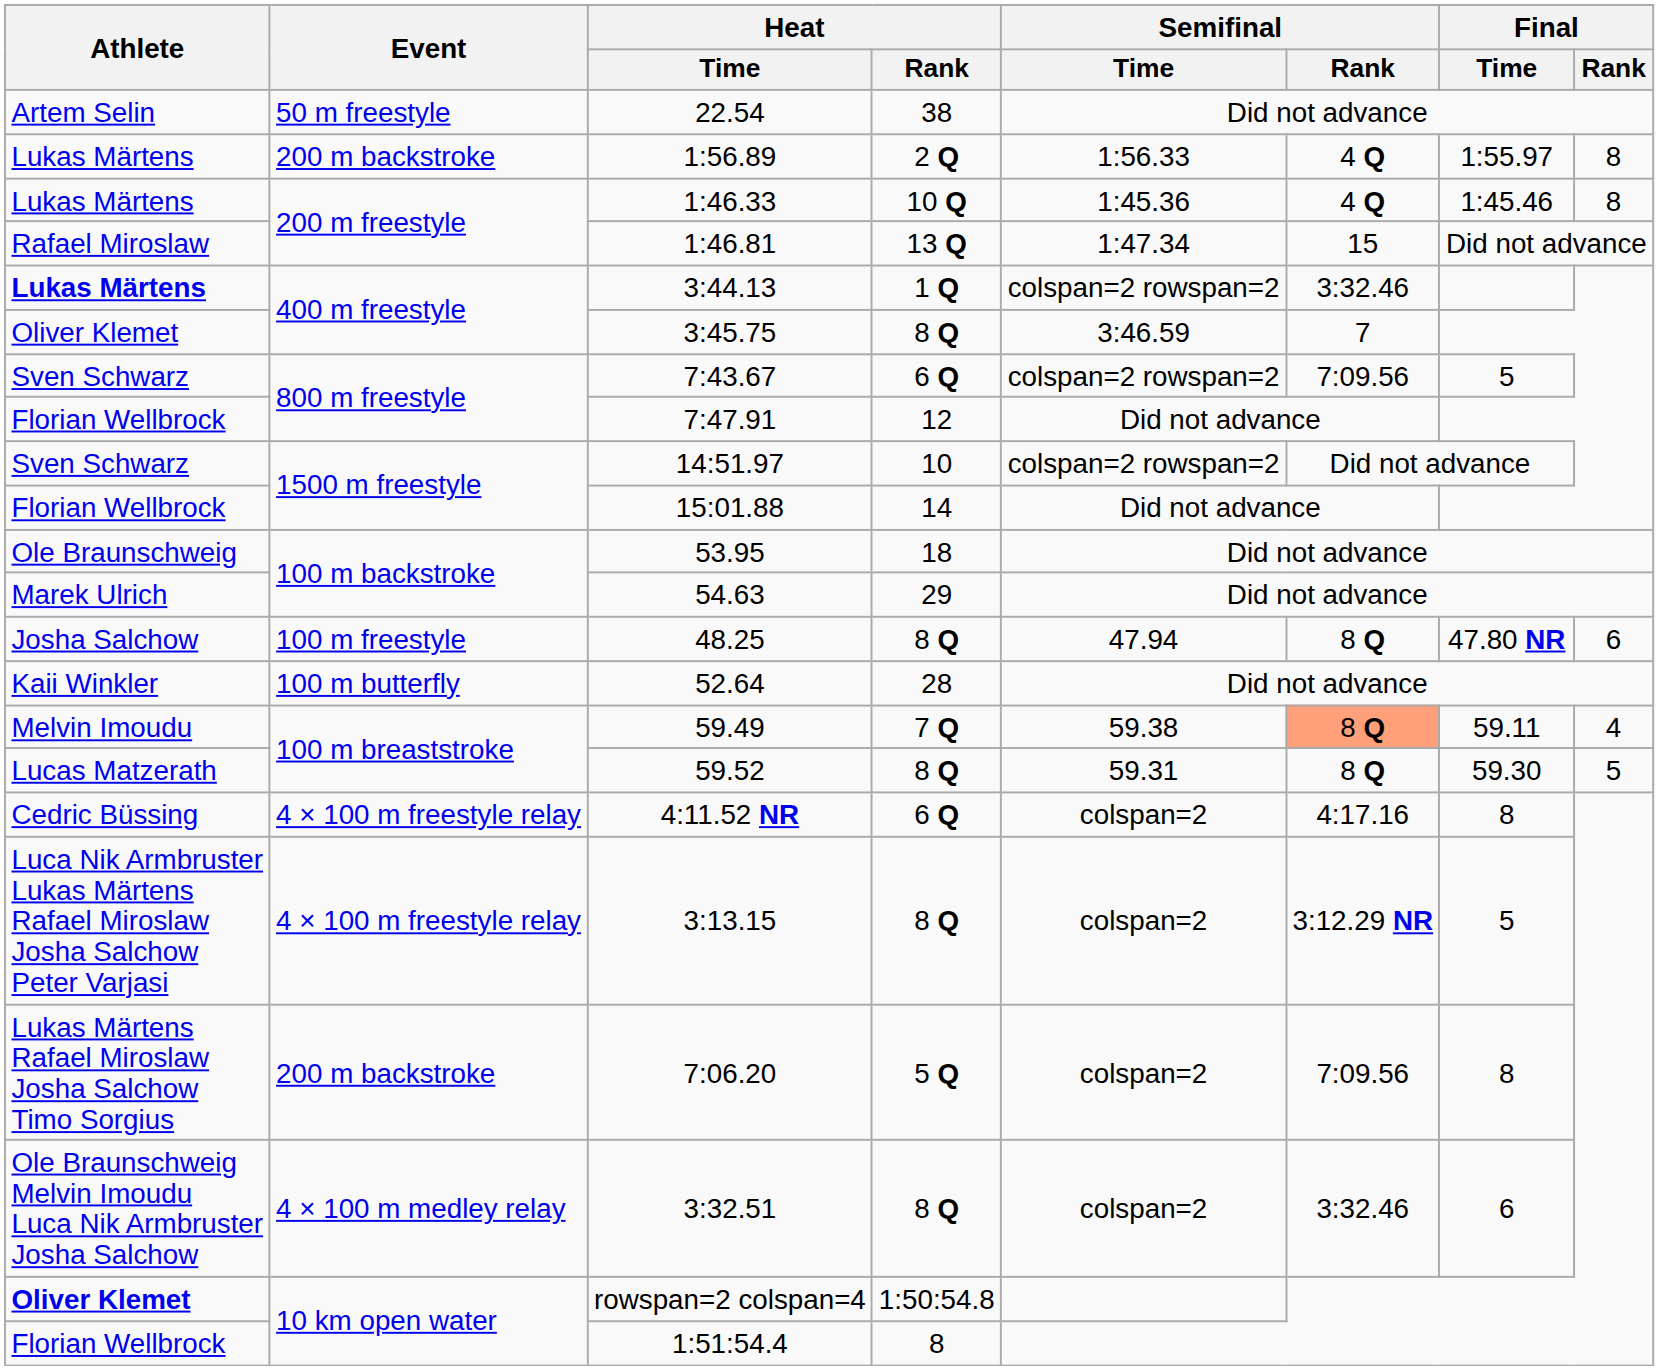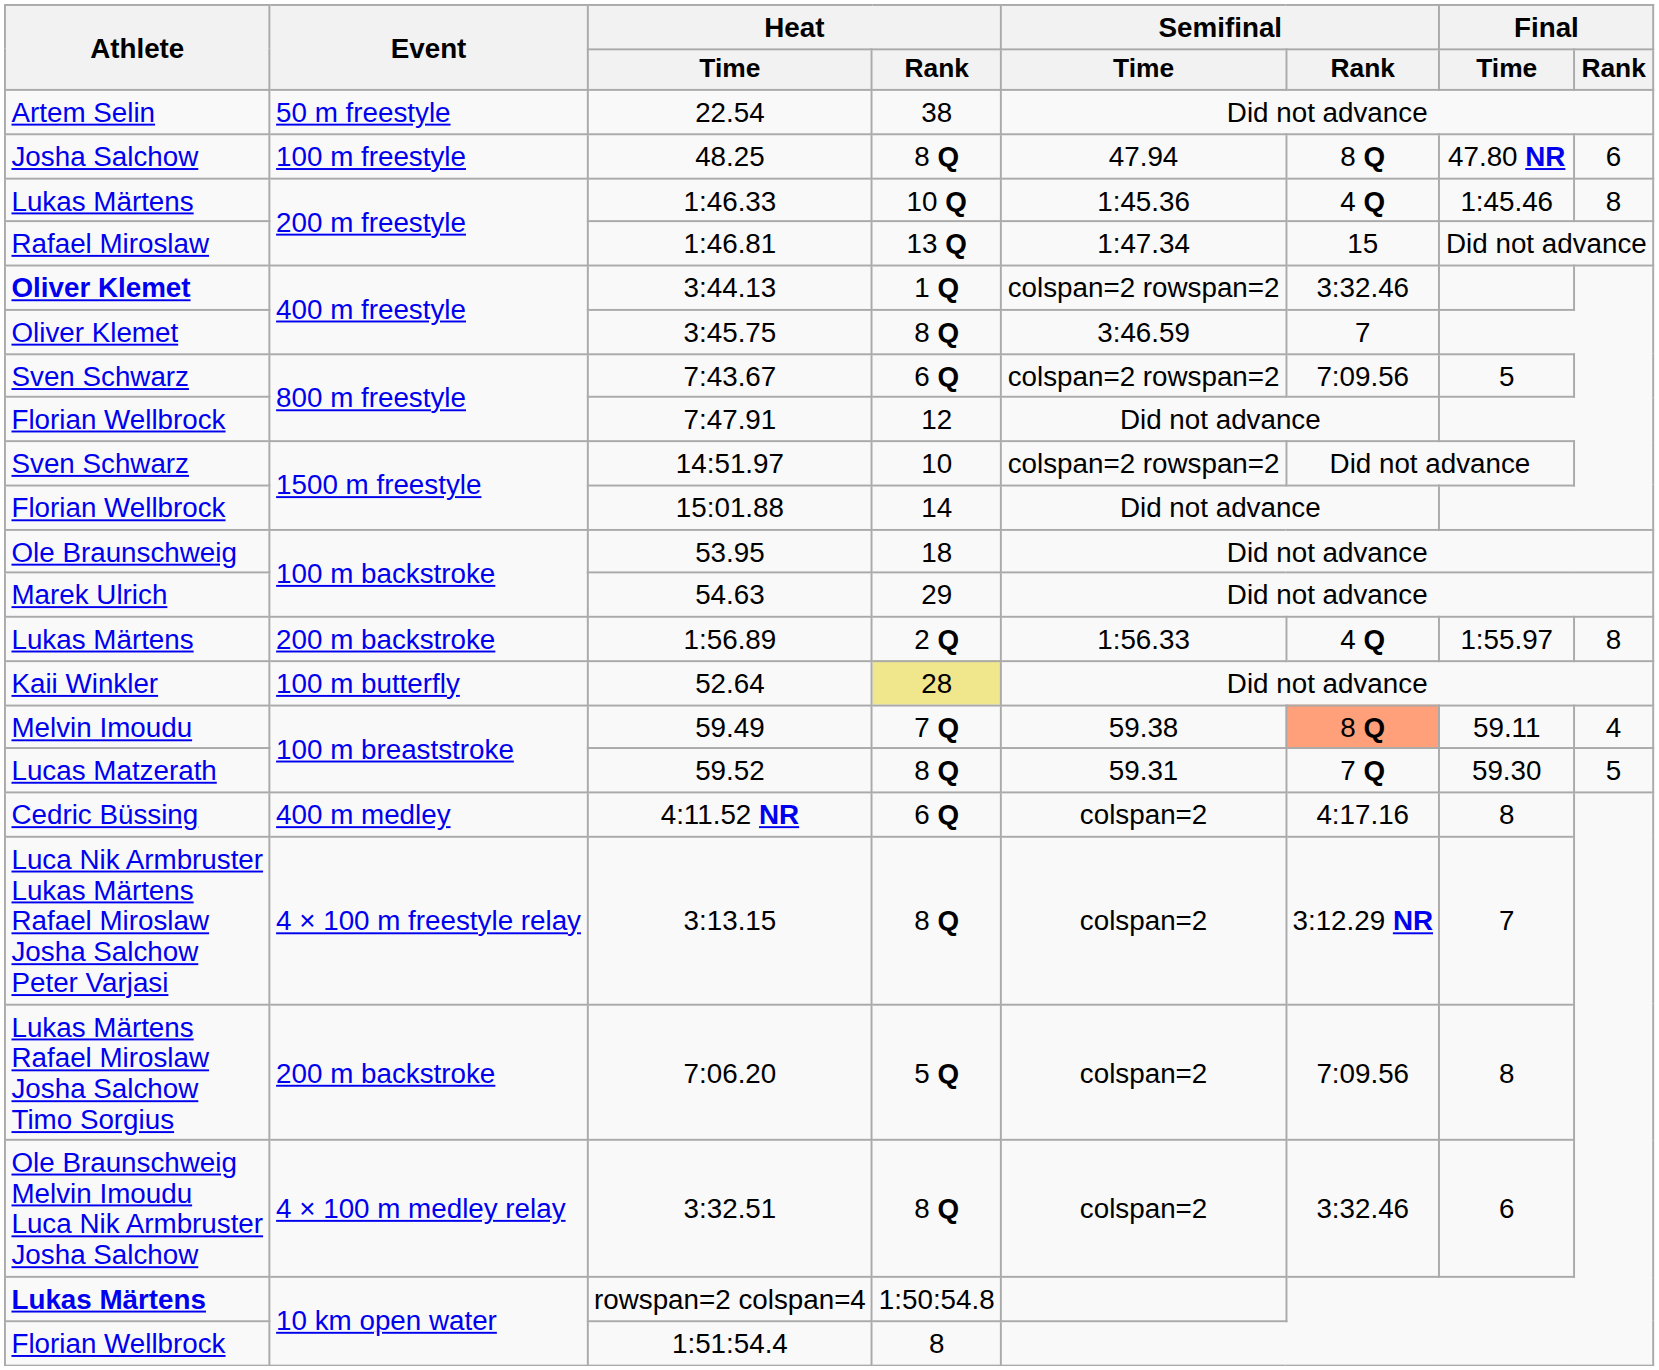 <table class=wikitable style="font-size:90%;">
 <tr>
 <th rowspan=2>Athlete</th>
 <th rowspan=2>Event</th>
 <th colspan=2>Heat</th>
 <th colspan=2>Semifinal</th>
 <th colspan=2>Final</th>
 </tr>
 <tr style="font-size:95%">
 <th>Time</th>
 <th>Rank</th>
 <th>Time</th>
 <th>Rank</th>
 <th>Time</th>
 <th>Rank</th>
 </tr>
 <tr align=center>
 <td align=left><a href='#'>Artem Selin</a></td>
 <td align=left><a href='#'>50 m freestyle</a></td>
 <td>22.54</td>
 <td>38</td>
 <td colspan=4>Did not advance</td>
 </tr>
 <tr align=center>
-<td align=left><a href='#'>Lukas Märtens</a></td>
-<td align=left><a href='#'>200 m backstroke</a></td>
-<td>1:56.89</td>
-<td>2 <strong>Q</strong></td>
-<td>1:56.33</td>
-<td>4 <strong>Q</strong></td>
-<td>1:55.97</td>
-<td>8</td>
+<td align=left><a href='#'>Josha Salchow</a></td>
+<td align=left><a href='#'>100 m freestyle</a></td>
+<td>48.25</td>
+<td>8 <strong>Q</strong></td>
+<td>47.94</td>
+<td>8 <strong>Q</strong></td>
+<td>47.80 <strong><a href='#'>NR</a></strong></td>
+<td>6</td>
 </tr>
 <tr align=center>
 <td align=left><a href='#'>Lukas Märtens</a></td>
 <td align=left rowspan=2><a href='#'>200 m freestyle</a></td>
 <td>1:46.33</td>
 <td>10 <strong>Q</strong></td>
 <td>1:45.36</td>
 <td>4 <strong>Q</strong></td>
 <td>1:45.46</td>
 <td>8</td>
 </tr>
 <tr align=center>
 <td align=left><a href='#'>Rafael Miroslaw</a></td>
 <td>1:46.81</td>
 <td>13 <strong>Q</strong></td>
 <td>1:47.34</td>
 <td>15</td>
 <td colspan="2">Did not advance</td>
 </tr>
 <tr align=center>
-<td align=left><strong><a href='#'>Lukas Märtens</a></strong></td>
+<td align=left><strong><a href='#'>Oliver Klemet</a></strong></td>
 <td align=left rowspan=2><a href='#'>400 m freestyle</a></td>
 <td>3:44.13</td>
 <td>1 <strong>Q</strong></td>
 <td>colspan=2 rowspan=2 </td>
 <td>3:32.46</td>
 <td></td>
 </tr>
 <tr align=center>
 <td align=left><a href='#'>Oliver Klemet</a></td>
 <td>3:45.75</td>
 <td>8 <strong>Q</strong></td>
 <td>3:46.59</td>
 <td>7</td>
 </tr>
 <tr align=center>
 <td align=left><a href='#'>Sven Schwarz</a></td>
 <td align=left rowspan=2><a href='#'>800 m freestyle</a></td>
 <td>7:43.67</td>
 <td>6 <strong>Q</strong></td>
 <td>colspan=2 rowspan=2 </td>
 <td>7:09.56</td>
 <td>5</td>
 </tr>
 <tr align=center>
 <td align=left><a href='#'>Florian Wellbrock</a></td>
 <td>7:47.91</td>
 <td>12</td>
 <td colspan="2">Did not advance</td>
 </tr>
 <tr align=center>
 <td align=left><a href='#'>Sven Schwarz</a></td>
 <td align=left rowspan=2><a href='#'>1500 m freestyle</a></td>
 <td>14:51.97</td>
 <td>10</td>
 <td>colspan=2 rowspan=2 </td>
 <td colspan="2">Did not advance</td>
 </tr>
 <tr align=center>
 <td align=left><a href='#'>Florian Wellbrock</a></td>
 <td>15:01.88</td>
 <td>14</td>
 <td colspan="2">Did not advance</td>
 </tr>
 <tr align=center>
 <td align=left><a href='#'>Ole Braunschweig</a></td>
 <td align=left rowspan=2><a href='#'>100 m backstroke</a></td>
 <td>53.95</td>
 <td>18</td>
 <td colspan="4">Did not advance</td>
 </tr>
 <tr align=center>
 <td align=left><a href='#'>Marek Ulrich</a></td>
 <td>54.63</td>
 <td>29</td>
 <td colspan="4">Did not advance</td>
 </tr>
 <tr align=center>
-<td align=left><a href='#'>Josha Salchow</a></td>
-<td align=left><a href='#'>100 m freestyle</a></td>
-<td>48.25</td>
-<td>8 <strong>Q</strong></td>
-<td>47.94</td>
-<td>8 <strong>Q</strong></td>
-<td>47.80 <strong><a href='#'>NR</a></strong></td>
-<td>6</td>
+<td align=left><a href='#'>Lukas Märtens</a></td>
+<td align=left><a href='#'>200 m backstroke</a></td>
+<td>1:56.89</td>
+<td>2 <strong>Q</strong></td>
+<td>1:56.33</td>
+<td>4 <strong>Q</strong></td>
+<td>1:55.97</td>
+<td>8</td>
 </tr>
 <tr align=center>
 <td align=left><a href='#'>Kaii Winkler</a></td>
 <td align=left><a href='#'>100 m butterfly</a></td>
 <td>52.64</td>
-<td>28</td>
+<td style="background: khaki;">28</td>
 <td colspan="4">Did not advance</td>
 </tr>
 <tr align=center>
 <td align=left><a href='#'>Melvin Imoudu</a></td>
 <td align=left rowspan=2><a href='#'>100 m breaststroke</a></td>
 <td>59.49</td>
 <td>7 <strong>Q</strong></td>
 <td>59.38</td>
 <td style="background: lightsalmon;">8 <strong>Q</strong></td>
 <td>59.11</td>
 <td>4</td>
 </tr>
 <tr align=center>
 <td align=left><a href='#'>Lucas Matzerath</a></td>
 <td>59.52</td>
 <td>8 <strong>Q</strong></td>
 <td>59.31</td>
-<td>8 <strong>Q</strong></td>
+<td>7 <strong>Q</strong></td>
 <td>59.30</td>
 <td>5</td>
 </tr>
 <tr align=center>
 <td align=left><a href='#'>Cedric Büssing</a></td>
-<td align=left><a href='#'>4 × 100 m freestyle relay</a></td>
+<td align=left><a href='#'>400 m medley</a></td>
 <td>4:11.52 <strong><a href='#'>NR</a></strong></td>
 <td>6 <strong>Q</strong></td>
 <td>colspan=2 </td>
 <td>4:17.16</td>
 <td>8</td>
 </tr>
 <tr align=center>
 <td align=left><a href='#'>Luca Nik Armbruster</a><br><a href='#'>Lukas Märtens</a><br><a href='#'>Rafael Miroslaw</a><br><a href='#'>Josha Salchow</a><br><a href='#'>Peter Varjasi</a></td>
 <td align=left><a href='#'>4 × 100 m freestyle relay</a></td>
 <td>3:13.15</td>
 <td>8 <strong>Q</strong></td>
 <td>colspan=2 </td>
 <td>3:12.29 <strong><a href='#'>NR</a></strong></td>
-<td>5</td>
+<td>7</td>
 </tr>
 <tr align=center>
 <td align=left><a href='#'>Lukas Märtens</a><br><a href='#'>Rafael Miroslaw</a><br><a href='#'>Josha Salchow</a><br><a href='#'>Timo Sorgius</a></td>
 <td align=left><a href='#'>200 m backstroke</a></td>
 <td>7:06.20</td>
 <td>5 <strong>Q</strong></td>
 <td>colspan=2 </td>
 <td>7:09.56</td>
 <td>8</td>
 </tr>
 <tr align=center>
 <td align=left><a href='#'>Ole Braunschweig</a><br><a href='#'>Melvin Imoudu</a><br><a href='#'>Luca Nik Armbruster</a><br><a href='#'>Josha Salchow</a></td>
 <td align=left><a href='#'>4 × 100 m medley relay</a></td>
 <td>3:32.51</td>
 <td>8 <strong>Q</strong></td>
 <td>colspan=2 </td>
 <td>3:32.46</td>
 <td>6</td>
 </tr>
 <tr align=center>
-<td align=left><strong><a href='#'>Oliver Klemet</a></strong></td>
+<td align=left><strong><a href='#'>Lukas Märtens</a></strong></td>
 <td align=left rowspan=2><a href='#'>10 km open water</a></td>
 <td>rowspan=2 colspan=4 </td>
 <td>1:50:54.8</td>
 <td></td>
 </tr>
 <tr align=center>
 <td align=left><a href='#'>Florian Wellbrock</a></td>
 <td>1:51:54.4</td>
 <td>8</td>
 </tr>
 </table>
